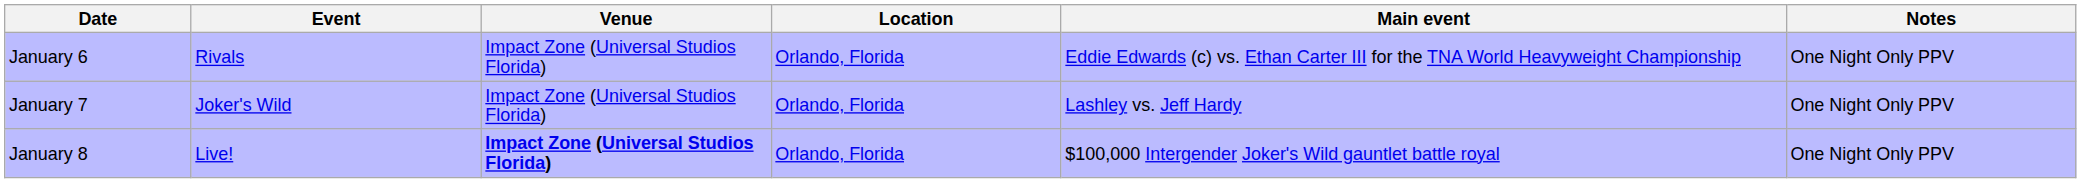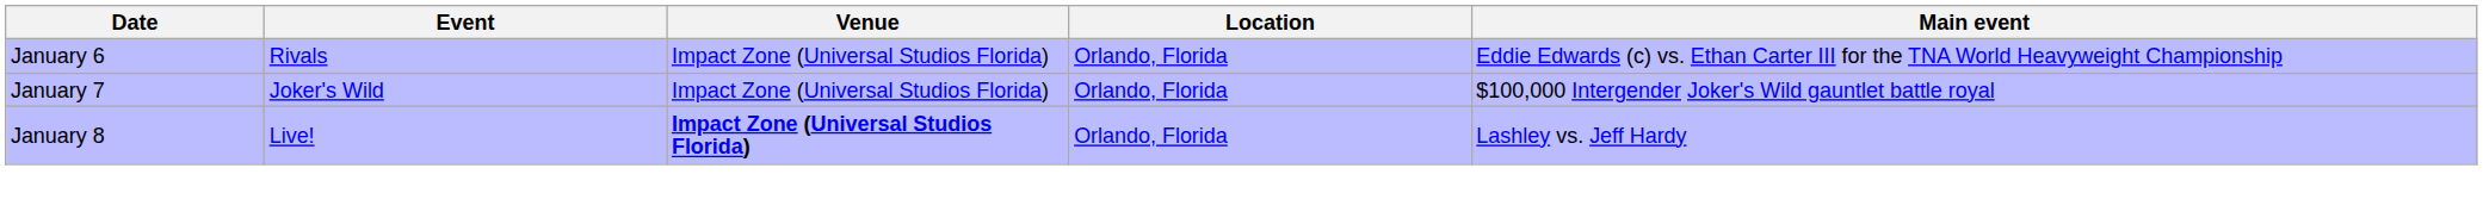 <table class="sortable wikitable succession-box" style="font-size:85%;">
 <tr>
 <th width=9%>Date</th>
 <th width=14%>Event</th>
 <th width=14%>Venue</th>
 <th width=14%>Location</th>
 <th width=35%>Main event</th>
-<th width=14%>Notes</th>
 </tr>
 <tr style="background: #BBF">
 <td>January 6</td>
 <td><a href='#'>Rivals</a></td>
 <td><a href='#'>Impact Zone</a> (<a href='#'>Universal Studios Florida</a>)</td>
 <td><a href='#'>Orlando, Florida</a></td>
 <td><a href='#'>Eddie Edwards</a> (c) vs. <a href='#'>Ethan Carter III</a> for the <a href='#'>TNA World Heavyweight Championship</a></td>
-<td>One Night Only PPV</td>
 </tr>
 <tr style="background: #BBF">
 <td>January 7<br></td>
 <td><a href='#'>Joker's Wild</a></td>
 <td><a href='#'>Impact Zone</a> (<a href='#'>Universal Studios Florida</a>)</td>
 <td><a href='#'>Orlando, Florida</a></td>
-<td><a href='#'>Lashley</a> vs. <a href='#'>Jeff Hardy</a></td>
-<td>One Night Only PPV</td>
+<td>$100,000 <a href='#'>Intergender</a> <a href='#'>Joker's Wild gauntlet battle royal</a></td>
 </tr>
 <tr style="background: #BBF">
 <td>January 8<br></td>
 <td><a href='#'>Live!</a></td>
 <td><strong><a href='#'>Impact Zone</a> (<a href='#'>Universal Studios Florida</a>)</strong></td>
 <td><a href='#'>Orlando, Florida</a></td>
-<td>$100,000 <a href='#'>Intergender</a> <a href='#'>Joker's Wild gauntlet battle royal</a></td>
-<td>One Night Only PPV</td>
+<td><a href='#'>Lashley</a> vs. <a href='#'>Jeff Hardy</a></td>
 </tr>
 </table>
